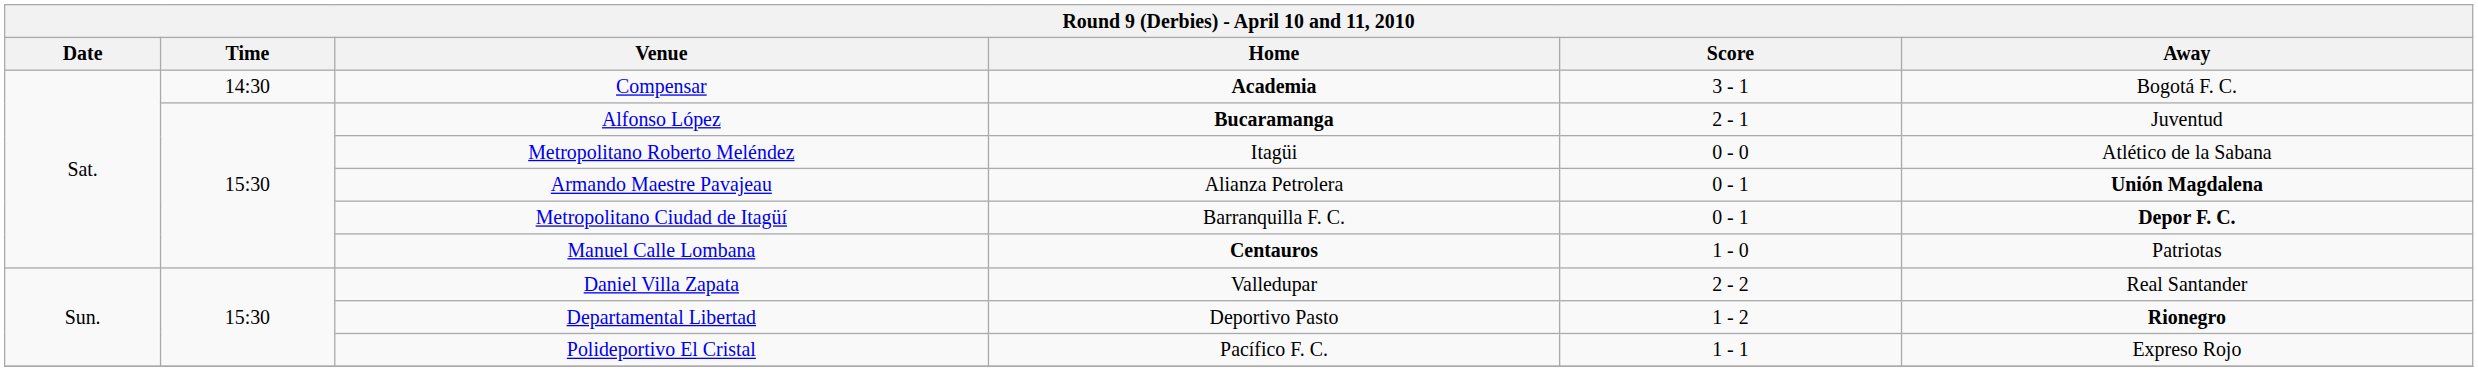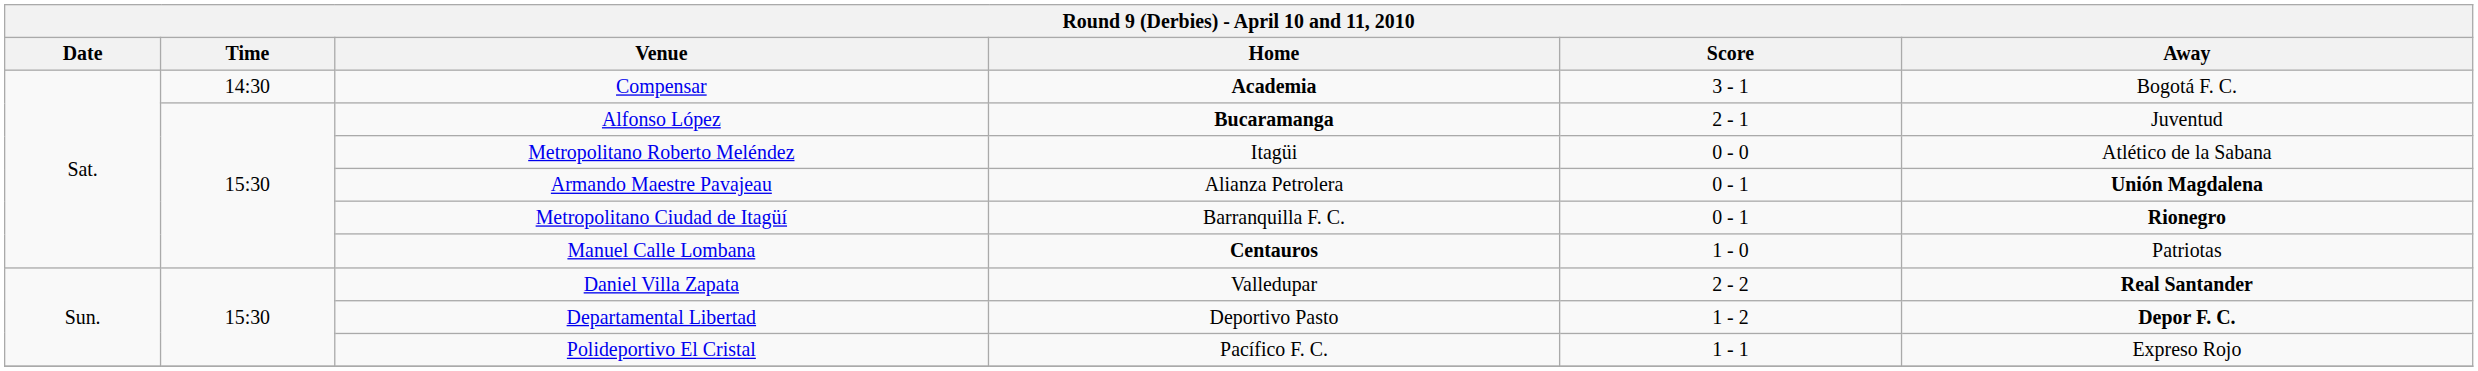 <table class="wikitable collapsible collapsed" style="font-size:95%; text-align: center; width: 95%;">
 <tr>
 <th colspan="12" style="with: 100%;" align=center>Round 9 (Derbies) - April 10 and 11, 2010</th>
 </tr>
 <tr>
 <th width="10">Date</th>
 <th width="20">Time</th>
 <th width="150">Venue</th>
 <th width="130">Home</th>
 <th width="75">Score</th>
 <th width="130">Away</th>
 </tr>
 <tr align=center>
 <td rowspan=6>Sat.</td>
 <td>14:30</td>
 <td><a href='#'>Compensar</a></td>
 <td><strong>Academia</strong></td>
 <td>3 - 1</td>
 <td>Bogotá F. C.</td>
 </tr>
 <tr align=center>
 <td rowspan=5>15:30</td>
 <td><a href='#'>Alfonso López</a></td>
 <td><strong>Bucaramanga</strong></td>
 <td>2 - 1</td>
 <td>Juventud</td>
 </tr>
 <tr align=center>
 <td><a href='#'>Metropolitano Roberto Meléndez</a></td>
 <td>Itagüi</td>
 <td>0 - 0</td>
 <td>Atlético de la Sabana</td>
 </tr>
 <tr align=center>
 <td><a href='#'>Armando Maestre Pavajeau</a></td>
 <td>Alianza Petrolera</td>
 <td>0 - 1</td>
 <td><strong>Unión Magdalena</strong></td>
 </tr>
 <tr align=center>
 <td><a href='#'>Metropolitano Ciudad de Itagüí</a></td>
 <td>Barranquilla F. C.</td>
 <td>0 - 1</td>
-<td><strong>Depor F. C.</strong></td>
+<td><strong>Rionegro</strong></td>
 </tr>
 <tr align=center>
 <td><a href='#'>Manuel Calle Lombana</a></td>
 <td><strong>Centauros</strong></td>
 <td>1 - 0</td>
 <td>Patriotas</td>
 </tr>
 <tr align=center>
 <td rowspan=3 align=center>Sun.</td>
 <td rowspan=3>15:30</td>
 <td><a href='#'>Daniel Villa Zapata</a></td>
 <td>Valledupar</td>
 <td>2 - 2</td>
-<td>Real Santander</td>
+<td><strong>Real Santander</strong></td>
 </tr>
 <tr align=center>
 <td><a href='#'>Departamental Libertad</a></td>
 <td>Deportivo Pasto</td>
 <td>1 - 2</td>
-<td><strong>Rionegro</strong></td>
+<td><strong>Depor F. C.</strong></td>
 </tr>
 <tr align=center>
 <td><a href='#'>Polideportivo El Cristal</a></td>
 <td>Pacífico F. C.</td>
 <td>1 - 1</td>
 <td>Expreso Rojo</td>
 </tr>
 <tr align=center>
 </tr>
 </table>
